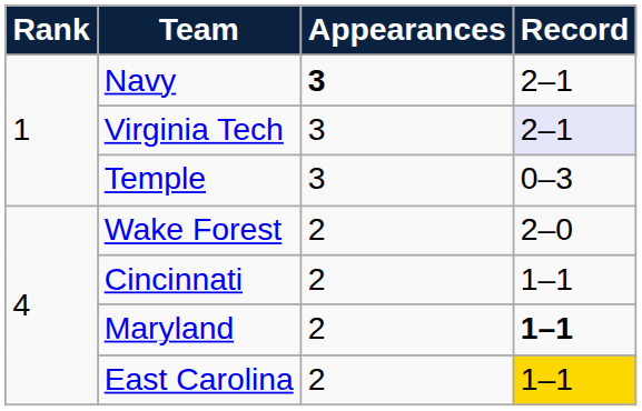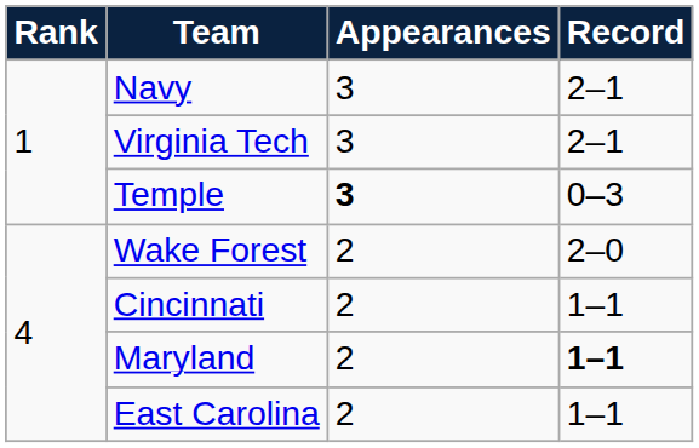 <table class="wikitable">
 <tr>
 <th style="background:#0A2240; color:#FFFFFF; ">Rank</th>
 <th style="background:#0A2240; color:#FFFFFF; ">Team</th>
 <th style="background:#0A2240; color:#FFFFFF; ">Appearances</th>
 <th style="background:#0A2240; color:#FFFFFF; ">Record</th>
 </tr>
 <tr>
 <td rowspan=3>1</td>
 <td><a href='#'>Navy</a></td>
-<td><strong>3</strong></td>
+<td>3</td>
 <td>2–1</td>
 </tr>
 <tr>
 <td><a href='#'>Virginia Tech</a></td>
 <td>3</td>
-<td style="background: lavender;">2–1</td>
+<td>2–1</td>
 </tr>
 <tr>
 <td><a href='#'>Temple</a></td>
-<td>3</td>
+<td><strong>3</strong></td>
 <td>0–3</td>
 </tr>
 <tr>
 <td rowspan=4>4</td>
 <td><a href='#'>Wake Forest</a></td>
 <td>2</td>
 <td>2–0</td>
 </tr>
 <tr>
 <td><a href='#'>Cincinnati</a></td>
 <td>2</td>
 <td>1–1</td>
 </tr>
 <tr>
 <td><a href='#'>Maryland</a></td>
 <td>2</td>
 <td><strong>1–1</strong></td>
 </tr>
 <tr>
 <td><a href='#'>East Carolina</a></td>
 <td>2</td>
-<td style="background: gold;">1–1</td>
+<td>1–1</td>
 </tr>
 </table>
